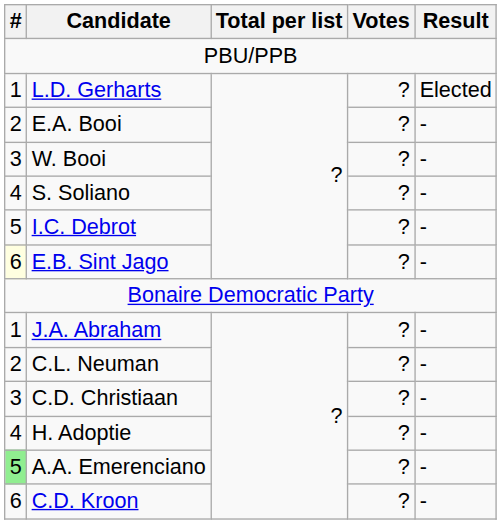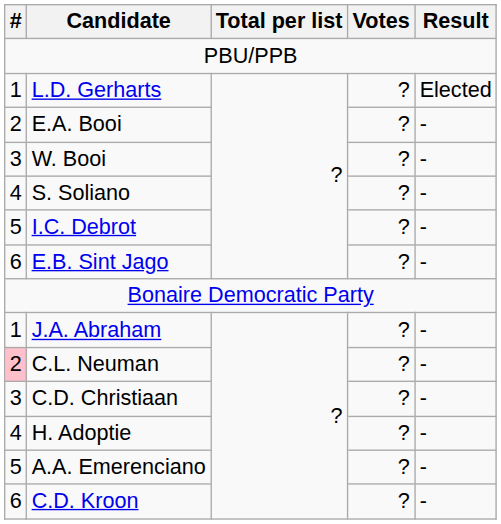 <table class="wikitable">
 <tr>
 <th>#</th>
 <th>Candidate</th>
 <th>Total per list</th>
 <th>Votes</th>
 <th>Result</th>
 </tr>
 <tr>
 <td Colspan = "5" style="text-align:center;">PBU/PPB</td>
 </tr>
 <tr>
 <td>1</td>
 <td><a href='#'>L.D. Gerharts</a></td>
 <td Rowspan="6" style="text-align:right">?</td>
 <td style="text-align:right">?</td>
 <td>Elected</td>
 </tr>
 <tr>
 <td>2</td>
 <td>E.A. Booi</td>
 <td style="text-align:right">?</td>
 <td>-</td>
 </tr>
 <tr>
 <td>3</td>
 <td>W. Booi</td>
 <td style="text-align:right">?</td>
 <td>-</td>
 </tr>
 <tr>
 <td>4</td>
 <td>S. Soliano</td>
 <td style="text-align:right">?</td>
 <td>-</td>
 </tr>
 <tr>
 <td>5</td>
 <td><a href='#'>I.C. Debrot</a></td>
 <td style="text-align:right">?</td>
 <td>-</td>
 </tr>
 <tr>
-<td style="background: lightyellow;">6</td>
+<td>6</td>
 <td><a href='#'>E.B. Sint Jago</a></td>
 <td style="text-align:right">?</td>
 <td>-</td>
 </tr>
 <tr>
 <td Colspan = "5" style="text-align:center;"><a href='#'>Bonaire Democratic Party</a></td>
 </tr>
 <tr>
 <td>1</td>
 <td><a href='#'>J.A. Abraham</a></td>
 <td Rowspan="6" style="text-align:right">?</td>
 <td style="text-align:right">?</td>
 <td>-</td>
 </tr>
 <tr>
-<td>2</td>
+<td style="background: pink;">2</td>
 <td>C.L. Neuman</td>
 <td style="text-align:right">?</td>
 <td>-</td>
 </tr>
 <tr>
 <td>3</td>
 <td>C.D. Christiaan</td>
 <td style="text-align:right">?</td>
 <td>-</td>
 </tr>
 <tr>
 <td>4</td>
 <td>H. Adoptie</td>
 <td style="text-align:right">?</td>
 <td>-</td>
 </tr>
 <tr>
-<td style="background: lightgreen;">5</td>
+<td>5</td>
 <td>A.A. Emerenciano</td>
 <td style="text-align:right">?</td>
 <td>-</td>
 </tr>
 <tr>
 <td>6</td>
 <td><a href='#'>C.D. Kroon</a></td>
 <td style="text-align:right">?</td>
 <td>-</td>
 </tr>
 </table>
